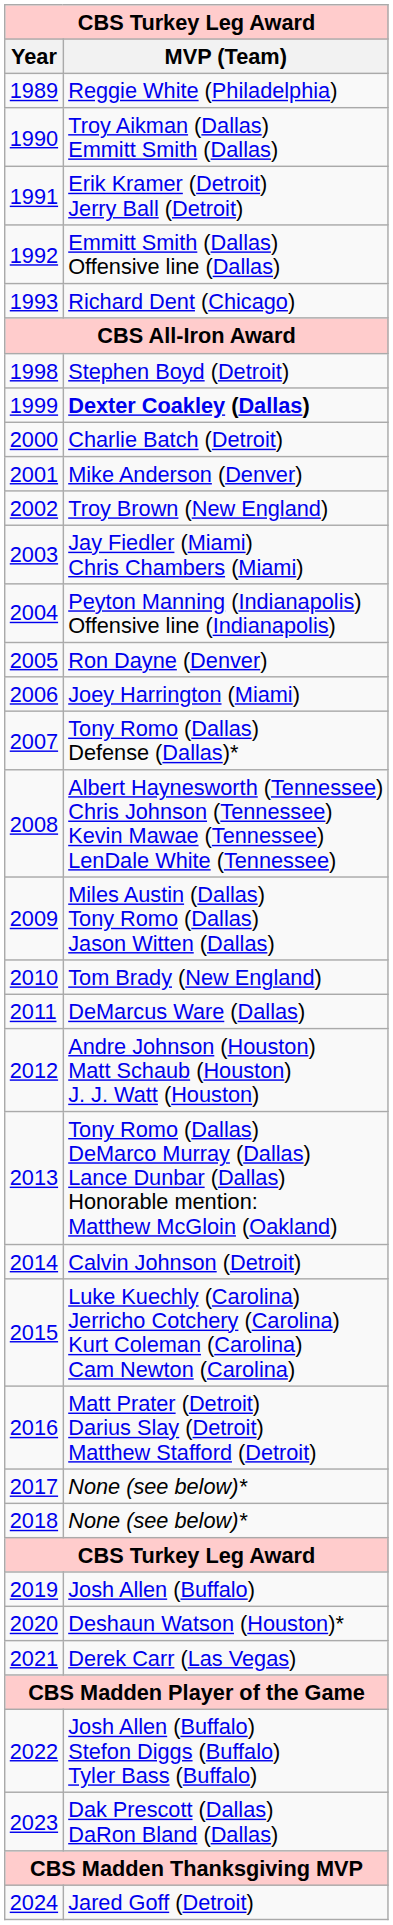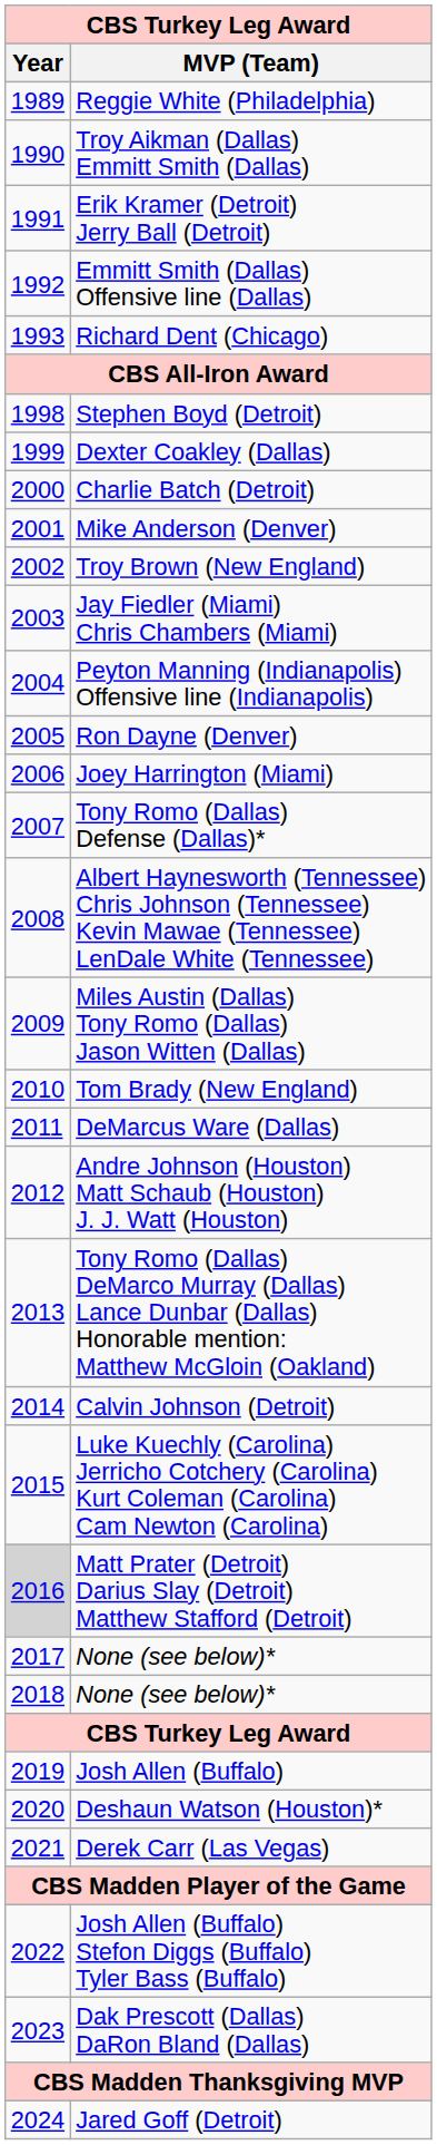 <table class="wikitable" style="font-size: 95%;">
 <tr>
 <td style="background:#fcc; text-align:center;" colspan=2><strong>CBS Turkey Leg Award</strong></td>
 </tr>
 <tr>
 <th>Year</th>
 <th>MVP (Team)</th>
 </tr>
 <tr>
 <td><a href='#'>1989</a></td>
 <td><a href='#'>Reggie White</a> (<a href='#'>Philadelphia</a>)</td>
 </tr>
 <tr>
 <td><a href='#'>1990</a></td>
 <td><a href='#'>Troy Aikman</a> (<a href='#'>Dallas</a>)<br><a href='#'>Emmitt Smith</a> (<a href='#'>Dallas</a>)</td>
 </tr>
 <tr>
 <td><a href='#'>1991</a></td>
 <td><a href='#'>Erik Kramer</a> (<a href='#'>Detroit</a>)<br><a href='#'>Jerry Ball</a> (<a href='#'>Detroit</a>)</td>
 </tr>
 <tr>
 <td><a href='#'>1992</a></td>
 <td><a href='#'>Emmitt Smith</a> (<a href='#'>Dallas</a>)<br>Offensive line (<a href='#'>Dallas</a>)</td>
 </tr>
 <tr>
 <td><a href='#'>1993</a></td>
 <td><a href='#'>Richard Dent</a> (<a href='#'>Chicago</a>)</td>
 </tr>
 <tr>
 <td style="background:#fcc; text-align:center;" colspan=2><strong>CBS All-Iron Award</strong></td>
 </tr>
 <tr>
 <td><a href='#'>1998</a></td>
 <td><a href='#'>Stephen Boyd</a> (<a href='#'>Detroit</a>)</td>
 </tr>
 <tr>
 <td><a href='#'>1999</a></td>
-<td><strong><a href='#'>Dexter Coakley</a> (<a href='#'>Dallas</a>)</strong></td>
+<td><a href='#'>Dexter Coakley</a> (<a href='#'>Dallas</a>)</td>
 </tr>
 <tr>
 <td><a href='#'>2000</a></td>
 <td><a href='#'>Charlie Batch</a> (<a href='#'>Detroit</a>)</td>
 </tr>
 <tr>
 <td><a href='#'>2001</a></td>
 <td><a href='#'>Mike Anderson</a> (<a href='#'>Denver</a>)</td>
 </tr>
 <tr>
 <td><a href='#'>2002</a></td>
 <td><a href='#'>Troy Brown</a> (<a href='#'>New England</a>)</td>
 </tr>
 <tr>
 <td><a href='#'>2003</a></td>
 <td><a href='#'>Jay Fiedler</a> (<a href='#'>Miami</a>)<br><a href='#'>Chris Chambers</a> (<a href='#'>Miami</a>)</td>
 </tr>
 <tr>
 <td><a href='#'>2004</a></td>
 <td><a href='#'>Peyton Manning</a> (<a href='#'>Indianapolis</a>)<br>Offensive line (<a href='#'>Indianapolis</a>)</td>
 </tr>
 <tr>
 <td><a href='#'>2005</a></td>
 <td><a href='#'>Ron Dayne</a> (<a href='#'>Denver</a>)</td>
 </tr>
 <tr>
 <td><a href='#'>2006</a></td>
 <td><a href='#'>Joey Harrington</a> (<a href='#'>Miami</a>)</td>
 </tr>
 <tr>
 <td><a href='#'>2007</a></td>
 <td><a href='#'>Tony Romo</a> (<a href='#'>Dallas</a>)<br>Defense (<a href='#'>Dallas</a>)*</td>
 </tr>
 <tr>
 <td><a href='#'>2008</a></td>
 <td><a href='#'>Albert Haynesworth</a> (<a href='#'>Tennessee</a>)<br><a href='#'>Chris Johnson</a> (<a href='#'>Tennessee</a>)<br><a href='#'>Kevin Mawae</a> (<a href='#'>Tennessee</a>)<br><a href='#'>LenDale White</a> (<a href='#'>Tennessee</a>)</td>
 </tr>
 <tr>
 <td><a href='#'>2009</a></td>
 <td><a href='#'>Miles Austin</a> (<a href='#'>Dallas</a>)<br><a href='#'>Tony Romo</a> (<a href='#'>Dallas</a>)<br><a href='#'>Jason Witten</a> (<a href='#'>Dallas</a>)</td>
 </tr>
 <tr>
 <td><a href='#'>2010</a></td>
 <td><a href='#'>Tom Brady</a> (<a href='#'>New England</a>)</td>
 </tr>
 <tr>
 <td><a href='#'>2011</a></td>
 <td><a href='#'>DeMarcus Ware</a> (<a href='#'>Dallas</a>)</td>
 </tr>
 <tr>
 <td><a href='#'>2012</a></td>
 <td><a href='#'>Andre Johnson</a> (<a href='#'>Houston</a>)<br><a href='#'>Matt Schaub</a> (<a href='#'>Houston</a>)<br><a href='#'>J. J. Watt</a> (<a href='#'>Houston</a>)</td>
 </tr>
 <tr>
 <td><a href='#'>2013</a></td>
 <td><a href='#'>Tony Romo</a> (<a href='#'>Dallas</a>)<br><a href='#'>DeMarco Murray</a> (<a href='#'>Dallas</a>)<br><a href='#'>Lance Dunbar</a> (<a href='#'>Dallas</a>)<br>Honorable mention:<br><a href='#'>Matthew McGloin</a> (<a href='#'>Oakland</a>)</td>
 </tr>
 <tr>
 <td><a href='#'>2014</a></td>
 <td><a href='#'>Calvin Johnson</a> (<a href='#'>Detroit</a>)</td>
 </tr>
 <tr>
 <td><a href='#'>2015</a></td>
 <td><a href='#'>Luke Kuechly</a> (<a href='#'>Carolina</a>)<br><a href='#'>Jerricho Cotchery</a> (<a href='#'>Carolina</a>)<br><a href='#'>Kurt Coleman</a> (<a href='#'>Carolina</a>)<br><a href='#'>Cam Newton</a> (<a href='#'>Carolina</a>)</td>
 </tr>
 <tr>
-<td><a href='#'>2016</a></td>
+<td style="background: lightgrey;"><a href='#'>2016</a></td>
 <td><a href='#'>Matt Prater</a> (<a href='#'>Detroit</a>)<br><a href='#'>Darius Slay</a> (<a href='#'>Detroit</a>)<br><a href='#'>Matthew Stafford</a> (<a href='#'>Detroit</a>)</td>
 </tr>
 <tr>
 <td><a href='#'>2017</a></td>
 <td><em>None (see below)*</em></td>
 </tr>
 <tr>
 <td><a href='#'>2018</a></td>
 <td><em>None (see below)*</em></td>
 </tr>
 <tr>
 <td style="background:#fcc; text-align:center;" colspan=2><strong>CBS Turkey Leg Award</strong></td>
 </tr>
 <tr>
 <td><a href='#'>2019</a></td>
 <td><a href='#'>Josh Allen</a> (<a href='#'>Buffalo</a>)</td>
 </tr>
 <tr>
 <td><a href='#'>2020</a></td>
 <td><a href='#'>Deshaun Watson</a> (<a href='#'>Houston</a>)*</td>
 </tr>
 <tr>
 <td><a href='#'>2021</a></td>
 <td><a href='#'>Derek Carr</a> (<a href='#'>Las Vegas</a>)</td>
 </tr>
 <tr>
 <td style="background:#fcc; text-align:center;" colspan=2><strong>CBS Madden Player of the Game</strong></td>
 </tr>
 <tr>
 <td><a href='#'>2022</a></td>
 <td><a href='#'>Josh Allen</a> (<a href='#'>Buffalo</a>)<br><a href='#'>Stefon Diggs</a> (<a href='#'>Buffalo</a>)<br><a href='#'>Tyler Bass</a> (<a href='#'>Buffalo</a>)</td>
 </tr>
 <tr>
 <td><a href='#'>2023</a></td>
 <td><a href='#'>Dak Prescott</a> (<a href='#'>Dallas</a>)<br><a href='#'>DaRon Bland</a> (<a href='#'>Dallas</a>)</td>
 </tr>
 <tr>
 <td style="background:#fcc; text-align:center;" colspan=2><strong>CBS Madden Thanksgiving MVP</strong></td>
 </tr>
 <tr>
 <td><a href='#'>2024</a></td>
 <td><a href='#'>Jared Goff</a> (<a href='#'>Detroit</a>)</td>
 </tr>
 </table>
